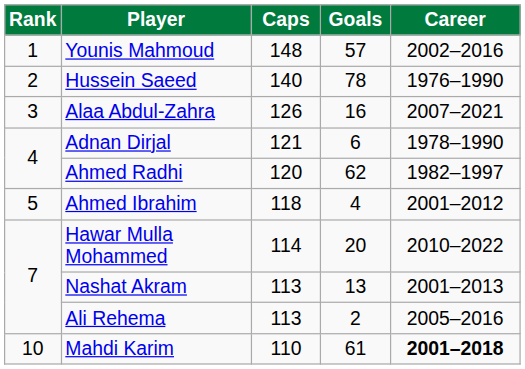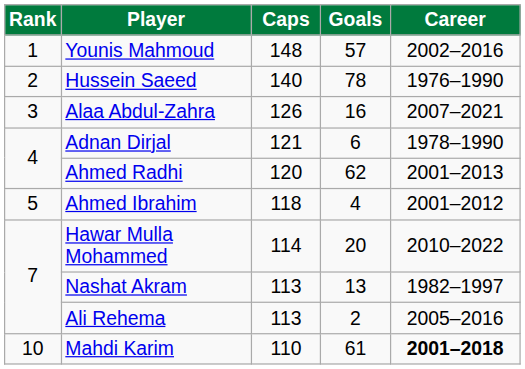 <table class="wikitable sortable" style="text-align:center;">
 <tr>
 <th width="30px" style="background: #007A3D; color: #FFFFFF;">Rank</th>
 <th width="150px" style="background: #007A3D; color: #FFFFFF;">Player</th>
 <th width="50px" style="background: #007A3D; color: #FFFFFF;">Caps</th>
 <th width="50px" style="background: #007A3D; color: #FFFFFF;">Goals</th>
 <th width="100px" style="background: #007A3D; color: #FFFFFF;">Career</th>
 </tr>
 <tr>
 <td>1</td>
 <td style="text-align:left;"><a href='#'>Younis Mahmoud</a></td>
 <td>148</td>
 <td>57</td>
 <td>2002–2016</td>
 </tr>
 <tr>
 <td>2</td>
 <td style="text-align:left;"><a href='#'>Hussein Saeed</a></td>
 <td>140</td>
 <td>78</td>
 <td>1976–1990</td>
 </tr>
 <tr>
 <td>3</td>
 <td style="text-align:left;"><a href='#'>Alaa Abdul-Zahra</a></td>
 <td>126</td>
 <td>16</td>
 <td>2007–2021</td>
 </tr>
 <tr>
 <td rowspan=2>4</td>
 <td style="text-align:left;"><a href='#'>Adnan Dirjal</a></td>
 <td>121</td>
 <td>6</td>
 <td>1978–1990</td>
 </tr>
 <tr>
 <td style="text-align:left;"><a href='#'>Ahmed Radhi</a></td>
 <td>120</td>
 <td>62</td>
-<td>1982–1997</td>
+<td>2001–2013</td>
 </tr>
 <tr>
 <td>5</td>
 <td style="text-align:left;"><a href='#'>Ahmed Ibrahim</a></td>
 <td>118</td>
 <td>4</td>
 <td>2001–2012</td>
 </tr>
 <tr>
 <td rowspan=3>7</td>
 <td style="text-align:left;"><a href='#'>Hawar Mulla Mohammed</a></td>
 <td>114</td>
 <td>20</td>
 <td>2010–2022</td>
 </tr>
 <tr>
 <td style="text-align:left;"><a href='#'>Nashat Akram</a></td>
 <td>113</td>
 <td>13</td>
-<td>2001–2013</td>
+<td>1982–1997</td>
 </tr>
 <tr>
 <td style="text-align:left;"><a href='#'>Ali Rehema</a></td>
 <td>113</td>
 <td>2</td>
 <td>2005–2016</td>
 </tr>
 <tr>
 <td>10</td>
 <td style="text-align:left;"><a href='#'>Mahdi Karim</a></td>
 <td>110</td>
 <td>61</td>
 <td><strong>2001–2018</strong></td>
 </tr>
 </table>
